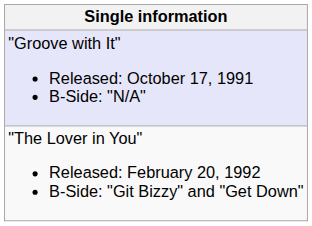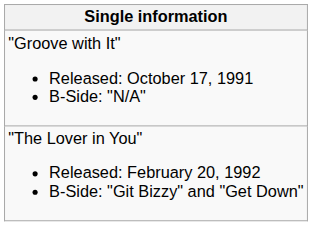 <table class="wikitable">
 <tr>
 <th>Single information</th>
 </tr>
 <tr>
-<td style="background: lavender;">"Groove with It"<br><ul><li>Released: October 17, 1991</li><li>B-Side: "N/A"</li></ul></td>
+<td>"Groove with It"<br><ul><li>Released: October 17, 1991</li><li>B-Side: "N/A"</li></ul></td>
 </tr>
 <tr>
 <td>"The Lover in You"<br><ul><li>Released: February 20, 1992</li><li>B-Side: "Git Bizzy" and "Get Down"</li></ul></td>
 </tr>
 </table>
